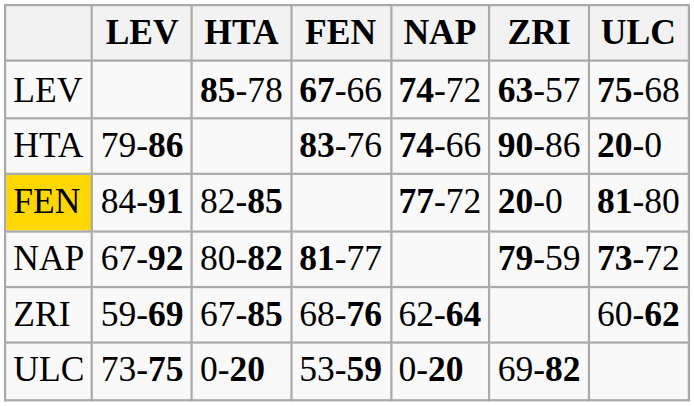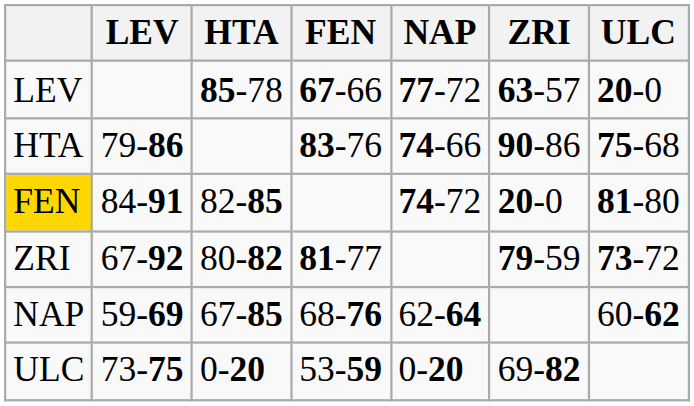 <table class="wikitable">
 <tr>
 <th></th>
 <th> LEV</th>
 <th> HTA</th>
 <th> FEN</th>
 <th> NAP</th>
 <th> ZRI</th>
 <th> ULC</th>
 </tr>
 <tr>
 <td> LEV</td>
 <td></td>
 <td><strong>85</strong>-78</td>
 <td><strong>67</strong>-66</td>
-<td><strong>74</strong>-72</td>
+<td><strong>77</strong>-72</td>
 <td><strong>63</strong>-57</td>
-<td><strong>75</strong>-68</td>
+<td><strong>20</strong>-0</td>
 </tr>
 <tr>
 <td> HTA</td>
 <td>79-<strong>86</strong></td>
 <td></td>
 <td><strong>83</strong>-76</td>
 <td><strong>74</strong>-66</td>
 <td><strong>90</strong>-86</td>
-<td><strong>20</strong>-0</td>
+<td><strong>75</strong>-68</td>
 </tr>
 <tr>
 <td style="background: gold;"> FEN</td>
 <td>84-<strong>91</strong></td>
 <td>82-<strong>85</strong></td>
 <td></td>
-<td><strong>77</strong>-72</td>
+<td><strong>74</strong>-72</td>
 <td><strong>20</strong>-0</td>
 <td><strong>81</strong>-80</td>
 </tr>
 <tr>
-<td> NAP</td>
+<td> ZRI</td>
 <td>67-<strong>92</strong></td>
 <td>80-<strong>82</strong></td>
 <td><strong>81</strong>-77</td>
 <td></td>
 <td><strong>79</strong>-59</td>
 <td><strong>73</strong>-72</td>
 </tr>
 <tr>
-<td> ZRI</td>
+<td> NAP</td>
 <td>59-<strong>69</strong></td>
 <td>67-<strong>85</strong></td>
 <td>68-<strong>76</strong></td>
 <td>62-<strong>64</strong></td>
 <td></td>
 <td>60-<strong>62</strong></td>
 </tr>
 <tr>
 <td> ULC</td>
 <td>73-<strong>75</strong></td>
 <td>0-<strong>20</strong></td>
 <td>53-<strong>59</strong></td>
 <td>0-<strong>20</strong></td>
 <td>69-<strong>82</strong></td>
 <td></td>
 </tr>
 </table>
